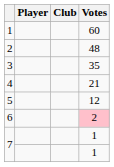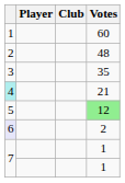 <table class="wikitable sortable" style="text-align:center">
 <tr>
 <th></th>
 <th>Player</th>
 <th>Club</th>
 <th>Votes</th>
 </tr>
 <tr>
 <td>1</td>
 <td></td>
 <td></td>
 <td>60</td>
 </tr>
 <tr>
 <td>2</td>
 <td></td>
 <td></td>
 <td>48</td>
 </tr>
 <tr>
 <td>3</td>
 <td></td>
 <td></td>
 <td>35</td>
 </tr>
 <tr>
-<td>4</td>
+<td style="background: paleturquoise;">4</td>
 <td></td>
 <td></td>
 <td>21</td>
 </tr>
 <tr>
 <td>5</td>
 <td></td>
 <td></td>
-<td>12</td>
+<td style="background: lightgreen;">12</td>
 </tr>
 <tr>
-<td>6</td>
+<td style="background: lavender;">6</td>
 <td></td>
 <td></td>
-<td style="background: pink;">2</td>
+<td>2</td>
 </tr>
 <tr>
 <td rowspan="2">7</td>
 <td></td>
 <td></td>
 <td>1</td>
 </tr>
 <tr>
 <td></td>
 <td></td>
 <td>1</td>
 </tr>
 </table>
